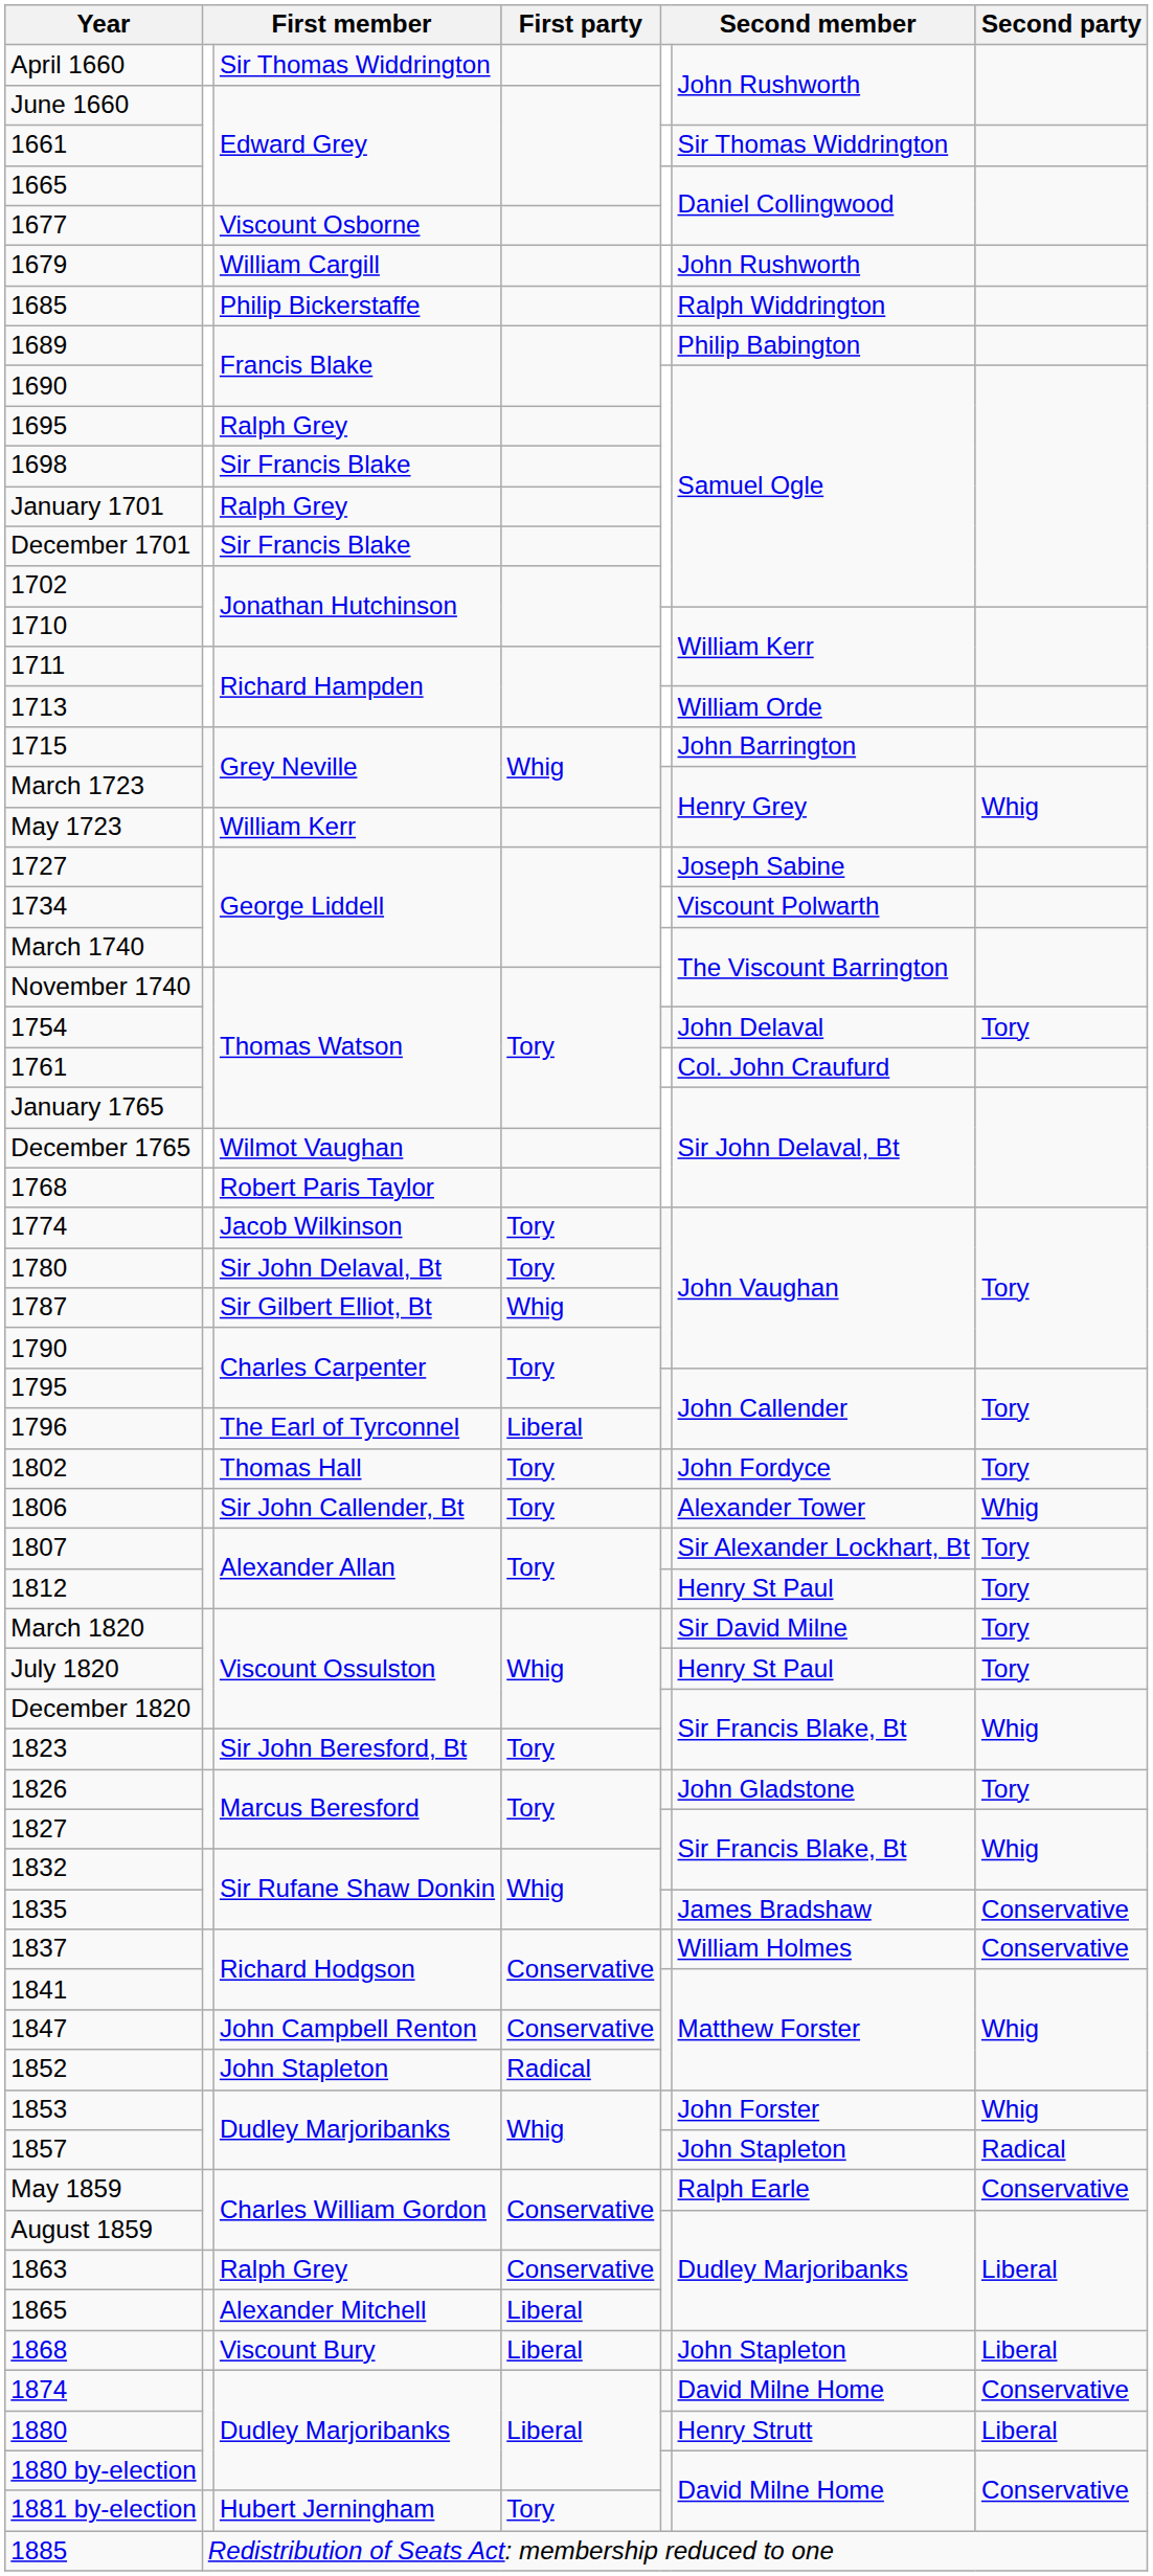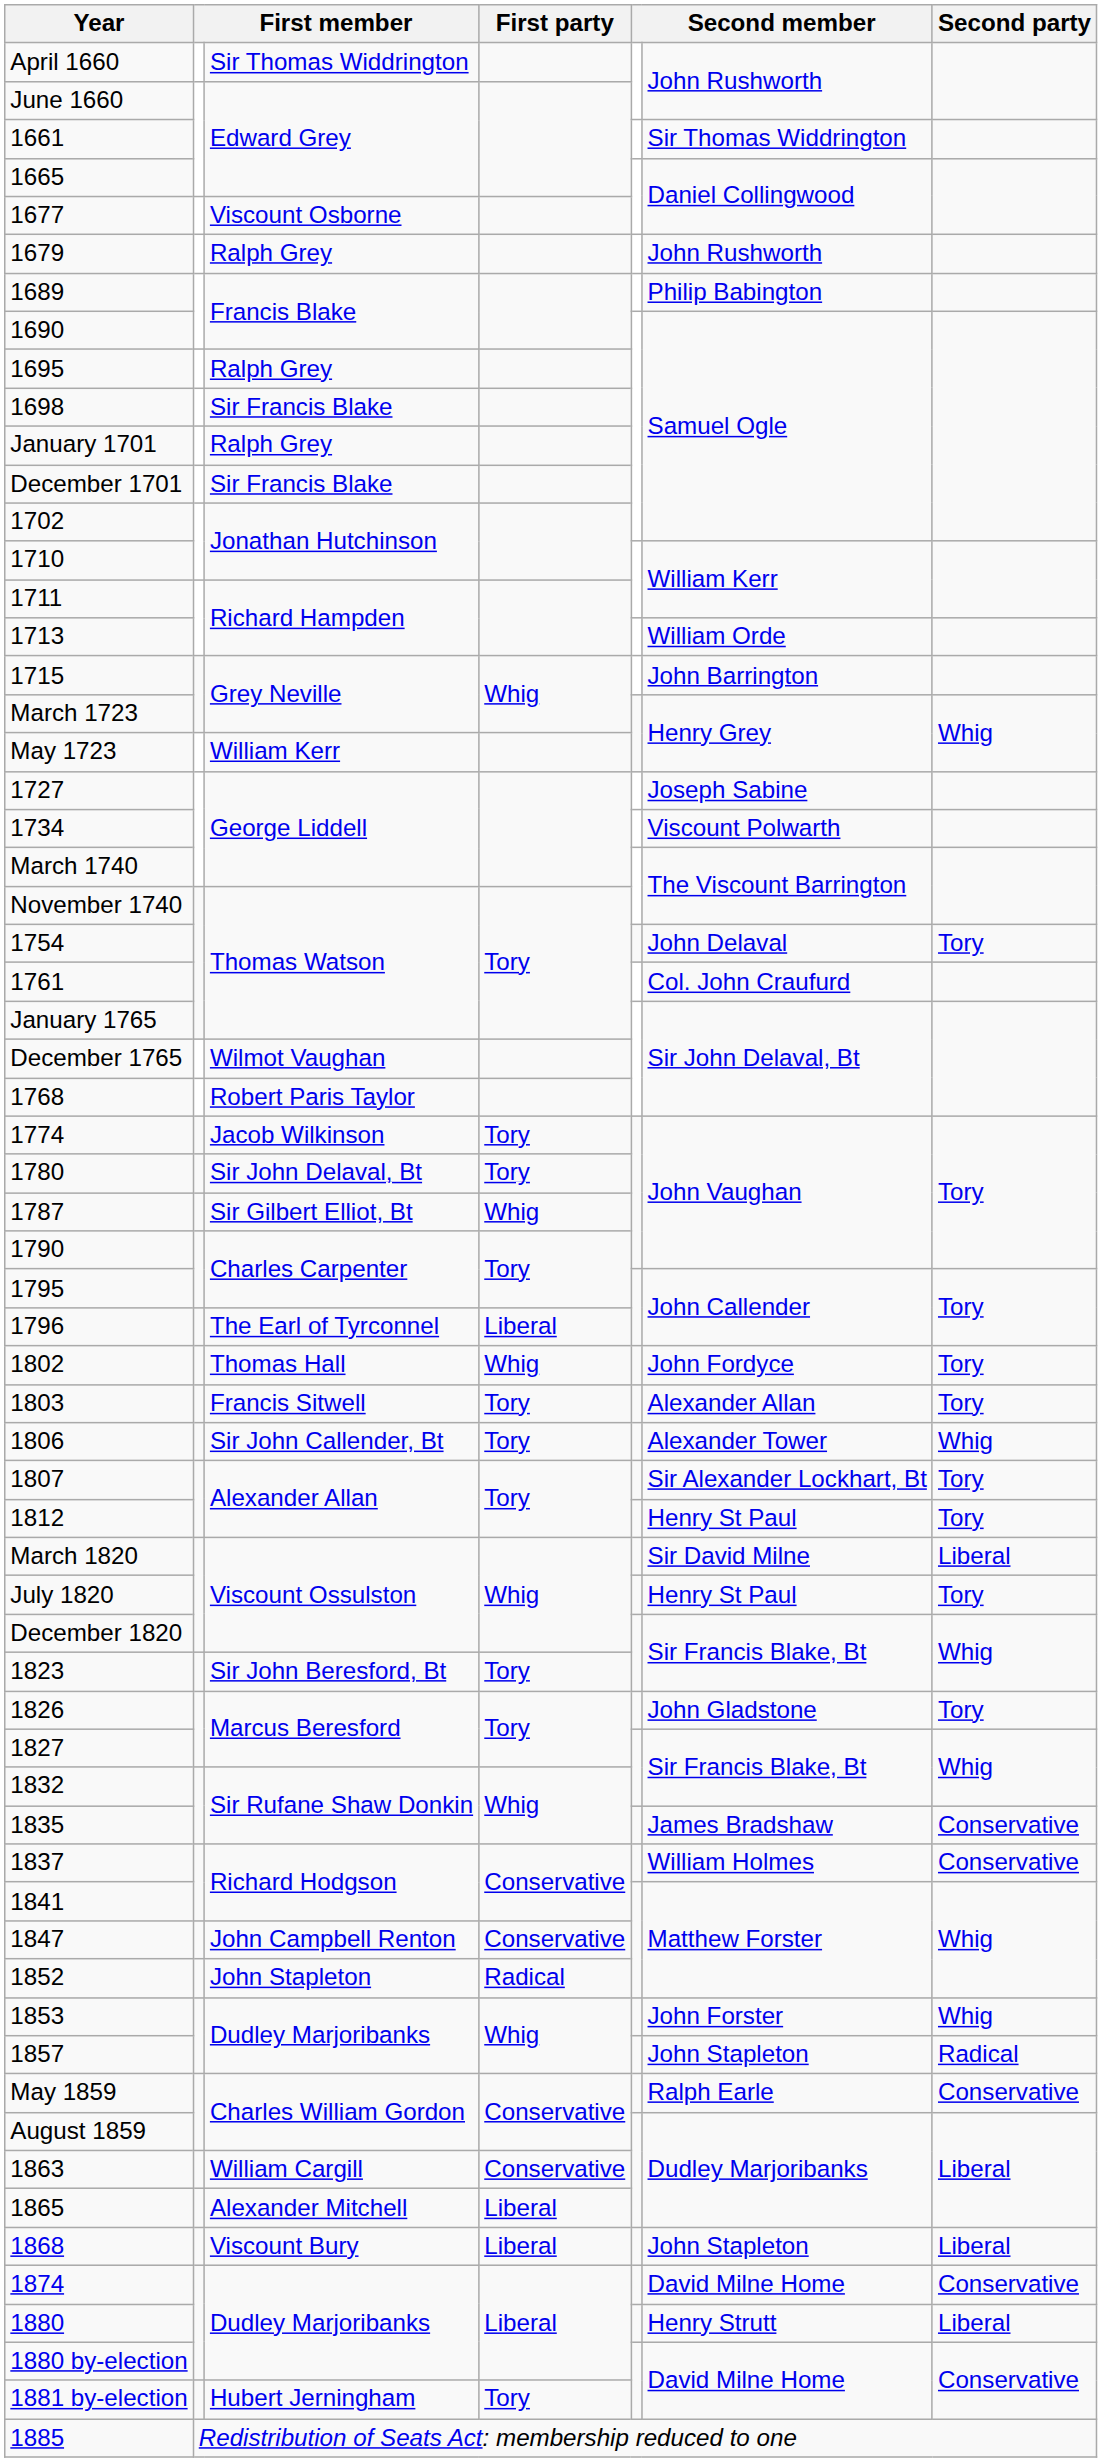 <table class="wikitable">
 <tr>
 <th>Year</th>
 <th colspan="2">First member</th>
 <th>First party</th>
 <th colspan="2">Second member</th>
 <th>Second party</th>
 </tr>
 <tr>
 <td>April 1660</td>
 <td style="color:inherit;background-color: white"></td>
 <td><a href='#'>Sir Thomas Widdrington</a></td>
 <td></td>
 <td rowspan="2" style="color:inherit;background-color: white"></td>
 <td rowspan="2"><a href='#'>John Rushworth</a></td>
 <td rowspan="2"></td>
 </tr>
 <tr>
 <td>June 1660</td>
 <td rowspan="3" style="color:inherit;background-color: white"></td>
 <td rowspan="3"><a href='#'>Edward Grey</a></td>
 <td rowspan="3"></td>
 </tr>
 <tr>
 <td>1661</td>
 <td style="color:inherit;background-color: white"></td>
 <td><a href='#'>Sir Thomas Widdrington</a></td>
 <td></td>
 </tr>
 <tr>
 <td>1665</td>
 <td rowspan="2" style="color:inherit;background-color: white"></td>
 <td rowspan="2"><a href='#'>Daniel Collingwood</a></td>
 <td rowspan="2"></td>
 </tr>
 <tr>
 <td>1677</td>
 <td style="color:inherit;background-color: white"></td>
 <td><a href='#'>Viscount Osborne</a></td>
 <td></td>
 </tr>
 <tr>
 <td>1679</td>
 <td style="color:inherit;background-color: white"></td>
-<td><a href='#'>William Cargill</a></td>
+<td><a href='#'>Ralph Grey</a></td>
 <td></td>
 <td style="color:inherit;background-color: white"></td>
 <td><a href='#'>John Rushworth</a></td>
-<td></td>
-</tr>
-<tr>
-<td>1685</td>
-<td style="color:inherit;background-color: white"></td>
-<td><a href='#'>Philip Bickerstaffe</a></td>
-<td></td>
-<td style="color:inherit;background-color: white"></td>
-<td><a href='#'>Ralph Widdrington</a></td>
 <td></td>
 </tr>
 <tr>
 <td>1689</td>
 <td rowspan="2" style="color:inherit;background-color: white"></td>
 <td rowspan="2"><a href='#'>Francis Blake</a></td>
 <td rowspan="2"></td>
 <td style="color:inherit;background-color: white"></td>
 <td><a href='#'>Philip Babington</a></td>
 <td></td>
 </tr>
 <tr>
 <td>1690</td>
 <td rowspan="6" style="color:inherit;background-color: white"></td>
 <td rowspan="6"><a href='#'>Samuel Ogle</a></td>
 <td rowspan="6"></td>
 </tr>
 <tr>
 <td>1695</td>
 <td style="color:inherit;background-color: white"></td>
 <td><a href='#'>Ralph Grey</a></td>
 <td></td>
 </tr>
 <tr>
 <td>1698</td>
 <td style="color:inherit;background-color: white"></td>
 <td><a href='#'>Sir Francis Blake</a></td>
 <td></td>
 </tr>
 <tr>
 <td>January 1701</td>
 <td style="color:inherit;background-color: white"></td>
 <td><a href='#'>Ralph Grey</a></td>
 <td></td>
 </tr>
 <tr>
 <td>December 1701</td>
 <td style="color:inherit;background-color: white"></td>
 <td><a href='#'>Sir Francis Blake</a></td>
 <td></td>
 </tr>
 <tr>
 <td>1702</td>
 <td rowspan="2" style="color:inherit;background-color: white"></td>
 <td rowspan="2"><a href='#'>Jonathan Hutchinson</a></td>
 <td rowspan="2"></td>
 </tr>
 <tr>
 <td>1710</td>
 <td rowspan="2" style="color:inherit;background-color: white"></td>
 <td rowspan="2"><a href='#'>William Kerr</a></td>
 <td rowspan="2"></td>
 </tr>
 <tr>
 <td>1711</td>
 <td rowspan="2" style="color:inherit;background-color: white"></td>
 <td rowspan="2"><a href='#'>Richard Hampden</a></td>
 <td rowspan="2"></td>
 </tr>
 <tr>
 <td>1713</td>
 <td style="color:inherit;background-color: white"></td>
 <td><a href='#'>William Orde</a></td>
 <td></td>
 </tr>
 <tr>
 <td>1715</td>
 <td rowspan="2" style="color:inherit;background-color: "></td>
 <td rowspan="2"><a href='#'>Grey Neville</a></td>
 <td rowspan="2"><a href='#'>Whig</a></td>
 <td style="color:inherit;background-color: white"></td>
 <td><a href='#'>John Barrington</a></td>
 <td></td>
 </tr>
 <tr>
 <td>March 1723</td>
 <td rowspan="2" style="color:inherit;background-color: "></td>
 <td rowspan="2"><a href='#'>Henry Grey</a></td>
 <td rowspan="2"><a href='#'>Whig</a></td>
 </tr>
 <tr>
 <td>May 1723</td>
 <td style="color:inherit;background-color: white"></td>
 <td><a href='#'>William Kerr</a></td>
 <td></td>
 </tr>
 <tr>
 <td>1727</td>
 <td rowspan="3" style="color:inherit;background-color: white"></td>
 <td rowspan="3"><a href='#'>George Liddell</a></td>
 <td rowspan="3"></td>
 <td style="color:inherit;background-color: white"></td>
 <td><a href='#'>Joseph Sabine</a></td>
 <td></td>
 </tr>
 <tr>
 <td>1734</td>
 <td style="color:inherit;background-color: white"></td>
 <td><a href='#'>Viscount Polwarth</a></td>
 <td></td>
 </tr>
 <tr>
 <td>March 1740</td>
 <td rowspan="2" style="color:inherit;background-color: white"></td>
 <td rowspan="2"><a href='#'>The Viscount Barrington</a></td>
 <td rowspan="2"></td>
 </tr>
 <tr>
 <td>November 1740</td>
 <td rowspan="4" style="color:inherit;background-color: "></td>
 <td rowspan="4"><a href='#'>Thomas Watson</a></td>
 <td rowspan="4"><a href='#'>Tory</a></td>
 </tr>
 <tr>
 <td>1754</td>
 <td style="color:inherit;background-color: "></td>
 <td><a href='#'>John Delaval</a></td>
 <td><a href='#'>Tory</a></td>
 </tr>
 <tr>
 <td>1761</td>
 <td style="color:inherit;background-color: white"></td>
 <td><a href='#'>Col. John Craufurd</a></td>
 <td></td>
 </tr>
 <tr>
 <td>January 1765</td>
 <td rowspan="3" style="color:inherit;background-color: white"></td>
 <td rowspan="3"><a href='#'>Sir John Delaval, Bt</a></td>
 <td rowspan="3"></td>
 </tr>
 <tr>
 <td>December 1765</td>
 <td style="color:inherit;background-color: white"></td>
 <td><a href='#'>Wilmot Vaughan</a></td>
 <td></td>
 </tr>
 <tr>
 <td>1768</td>
 <td style="color:inherit;background-color: white"></td>
 <td><a href='#'>Robert Paris Taylor</a></td>
 <td></td>
 </tr>
 <tr>
 <td>1774</td>
 <td style="color:inherit;background-color: "></td>
 <td><a href='#'>Jacob Wilkinson</a></td>
 <td><a href='#'>Tory</a></td>
 <td rowspan="4" style="color:inherit;background-color: "></td>
 <td rowspan="4"><a href='#'>John Vaughan</a></td>
 <td rowspan="4"><a href='#'>Tory</a></td>
 </tr>
 <tr>
 <td>1780</td>
 <td style="color:inherit;background-color: "></td>
 <td><a href='#'>Sir John Delaval, Bt</a></td>
 <td><a href='#'>Tory</a></td>
 </tr>
 <tr>
 <td>1787</td>
 <td style="color:inherit;background-color: "></td>
 <td><a href='#'>Sir Gilbert Elliot, Bt</a></td>
 <td><a href='#'>Whig</a></td>
 </tr>
 <tr>
 <td>1790</td>
 <td rowspan="2" style="color:inherit;background-color: "></td>
 <td rowspan="2"><a href='#'>Charles Carpenter</a></td>
 <td rowspan="2"><a href='#'>Tory</a></td>
 </tr>
 <tr>
 <td>1795</td>
 <td rowspan="2" style="color:inherit;background-color: "></td>
 <td rowspan="2"><a href='#'>John Callender</a></td>
 <td rowspan="2"><a href='#'>Tory</a></td>
 </tr>
 <tr>
 <td>1796</td>
 <td style="color:inherit;background-color: "></td>
 <td><a href='#'>The Earl of Tyrconnel</a></td>
 <td><a href='#'>Liberal</a></td>
 </tr>
 <tr>
 <td>1802</td>
 <td style="color:inherit;background-color: "></td>
 <td><a href='#'>Thomas Hall</a></td>
+<td><a href='#'>Whig</a></td>
+<td style="color:inherit;background-color: "></td>
+<td><a href='#'>John Fordyce</a></td>
+<td><a href='#'>Tory</a></td>
+</tr>
+<tr>
+<td>1803</td>
+<td style="color:inherit;background-color: "></td>
+<td><a href='#'>Francis Sitwell</a></td>
 <td><a href='#'>Tory</a></td>
 <td style="color:inherit;background-color: "></td>
-<td><a href='#'>John Fordyce</a></td>
+<td><a href='#'>Alexander Allan</a></td>
 <td><a href='#'>Tory</a></td>
 </tr>
 <tr>
 <td>1806</td>
 <td style="color:inherit;background-color: "></td>
 <td><a href='#'>Sir John Callender, Bt</a></td>
 <td><a href='#'>Tory</a></td>
 <td style="color:inherit;background-color: "></td>
 <td><a href='#'>Alexander Tower</a></td>
 <td><a href='#'>Whig</a></td>
 </tr>
 <tr>
 <td>1807</td>
 <td rowspan="2" style="color:inherit;background-color: "></td>
 <td rowspan="2"><a href='#'>Alexander Allan</a></td>
 <td rowspan="2"><a href='#'>Tory</a></td>
 <td style="color:inherit;background-color: "></td>
 <td><a href='#'>Sir Alexander Lockhart, Bt</a></td>
 <td><a href='#'>Tory</a></td>
 </tr>
 <tr>
 <td>1812</td>
 <td style="color:inherit;background-color: "></td>
 <td><a href='#'>Henry St Paul</a></td>
 <td><a href='#'>Tory</a></td>
 </tr>
 <tr>
 <td>March 1820</td>
 <td rowspan="3" style="color:inherit;background-color: "></td>
 <td rowspan="3"><a href='#'>Viscount Ossulston</a></td>
 <td rowspan="3"><a href='#'>Whig</a></td>
 <td style="color:inherit;background-color: "></td>
 <td><a href='#'>Sir David Milne</a></td>
-<td><a href='#'>Tory</a></td>
+<td><a href='#'>Liberal</a></td>
 </tr>
 <tr>
 <td>July 1820</td>
 <td style="color:inherit;background-color: "></td>
 <td><a href='#'>Henry St Paul</a></td>
 <td><a href='#'>Tory</a></td>
 </tr>
 <tr>
 <td>December 1820</td>
 <td rowspan="2" style="color:inherit;background-color: "></td>
 <td rowspan="2"><a href='#'>Sir Francis Blake, Bt</a></td>
 <td rowspan="2"><a href='#'>Whig</a></td>
 </tr>
 <tr>
 <td>1823</td>
 <td style="color:inherit;background-color: "></td>
 <td><a href='#'>Sir John Beresford, Bt</a></td>
 <td><a href='#'>Tory</a></td>
 </tr>
 <tr>
 <td>1826</td>
 <td rowspan="2" style="color:inherit;background-color: "></td>
 <td rowspan="2"><a href='#'>Marcus Beresford</a></td>
 <td rowspan="2"><a href='#'>Tory</a></td>
 <td style="color:inherit;background-color: "></td>
 <td><a href='#'>John Gladstone</a></td>
 <td><a href='#'>Tory</a></td>
 </tr>
 <tr>
 <td>1827</td>
 <td rowspan="2" style="color:inherit;background-color: "></td>
 <td rowspan="2"><a href='#'>Sir Francis Blake, Bt</a></td>
 <td rowspan="2"><a href='#'>Whig</a></td>
 </tr>
 <tr>
 <td>1832</td>
 <td rowspan="2" style="color:inherit;background-color: "></td>
 <td rowspan="2"><a href='#'>Sir Rufane Shaw Donkin</a></td>
 <td rowspan="2"><a href='#'>Whig</a></td>
 </tr>
 <tr>
 <td>1835</td>
 <td style="color:inherit;background-color: "></td>
 <td><a href='#'>James Bradshaw</a></td>
 <td><a href='#'>Conservative</a></td>
 </tr>
 <tr>
 <td>1837</td>
 <td rowspan="2" style="color:inherit;background-color: "></td>
 <td rowspan="2"><a href='#'>Richard Hodgson</a></td>
 <td rowspan="2"><a href='#'>Conservative</a></td>
 <td style="color:inherit;background-color: "></td>
 <td><a href='#'>William Holmes</a></td>
 <td><a href='#'>Conservative</a></td>
 </tr>
 <tr>
 <td>1841</td>
 <td rowspan="3" style="color:inherit;background-color: "></td>
 <td rowspan="3"><a href='#'>Matthew Forster</a></td>
 <td rowspan="3"><a href='#'>Whig</a></td>
 </tr>
 <tr>
 <td>1847</td>
 <td style="color:inherit;background-color: "></td>
 <td><a href='#'>John Campbell Renton</a></td>
 <td><a href='#'>Conservative</a></td>
 </tr>
 <tr>
 <td>1852</td>
 <td style="color:inherit;background-color: "></td>
 <td><a href='#'>John Stapleton</a></td>
 <td><a href='#'>Radical</a></td>
 </tr>
 <tr>
 <td>1853</td>
 <td rowspan="2" style="color:inherit;background-color: "></td>
 <td rowspan="2"><a href='#'>Dudley Marjoribanks</a></td>
 <td rowspan="2"><a href='#'>Whig</a></td>
 <td style="color:inherit;background-color: "></td>
 <td><a href='#'>John Forster</a></td>
 <td><a href='#'>Whig</a></td>
 </tr>
 <tr>
 <td>1857</td>
 <td style="color:inherit;background-color: "></td>
 <td><a href='#'>John Stapleton</a></td>
 <td><a href='#'>Radical</a></td>
 </tr>
 <tr>
 <td>May 1859</td>
 <td rowspan="2" style="color:inherit;background-color: "></td>
 <td rowspan="2"><a href='#'>Charles William Gordon</a></td>
 <td rowspan="2"><a href='#'>Conservative</a></td>
 <td style="color:inherit;background-color: "></td>
 <td><a href='#'>Ralph Earle</a></td>
 <td><a href='#'>Conservative</a></td>
 </tr>
 <tr>
 <td>August 1859</td>
 <td rowspan="3" style="color:inherit;background-color: "></td>
 <td rowspan="3"><a href='#'>Dudley Marjoribanks</a></td>
 <td rowspan="3"><a href='#'>Liberal</a></td>
 </tr>
 <tr>
 <td>1863</td>
 <td style="color:inherit;background-color: "></td>
-<td><a href='#'>Ralph Grey</a></td>
+<td><a href='#'>William Cargill</a></td>
 <td><a href='#'>Conservative</a></td>
 </tr>
 <tr>
 <td>1865</td>
 <td style="color:inherit;background-color: "></td>
 <td><a href='#'>Alexander Mitchell</a></td>
 <td><a href='#'>Liberal</a></td>
 </tr>
 <tr>
 <td><a href='#'>1868</a></td>
 <td style="color:inherit;background-color: "></td>
 <td><a href='#'>Viscount Bury</a></td>
 <td><a href='#'>Liberal</a></td>
 <td style="color:inherit;background-color: "></td>
 <td><a href='#'>John Stapleton</a></td>
 <td><a href='#'>Liberal</a></td>
 </tr>
 <tr>
 <td><a href='#'>1874</a></td>
 <td rowspan="3" style="color:inherit;background-color: "></td>
 <td rowspan="3"><a href='#'>Dudley Marjoribanks</a></td>
 <td rowspan="3"><a href='#'>Liberal</a></td>
 <td style="color:inherit;background-color: "></td>
 <td><a href='#'>David Milne Home</a></td>
 <td><a href='#'>Conservative</a></td>
 </tr>
 <tr>
 <td><a href='#'>1880</a></td>
 <td style="color:inherit;background-color: "></td>
 <td><a href='#'>Henry Strutt</a></td>
 <td><a href='#'>Liberal</a></td>
 </tr>
 <tr>
 <td><a href='#'>1880 by-election</a></td>
 <td rowspan="2" style="color:inherit;background-color: "></td>
 <td rowspan="2"><a href='#'>David Milne Home</a></td>
 <td rowspan="2"><a href='#'>Conservative</a></td>
 </tr>
 <tr>
 <td><a href='#'>1881 by-election</a></td>
 <td style="color:inherit;background-color: "></td>
 <td><a href='#'>Hubert Jerningham</a></td>
 <td><a href='#'>Tory</a></td>
 </tr>
 <tr>
 <td><a href='#'>1885</a></td>
 <td colspan="6"><em><a href='#'>Redistribution of Seats Act</a>: membership reduced to one</em></td>
 </tr>
 </table>
